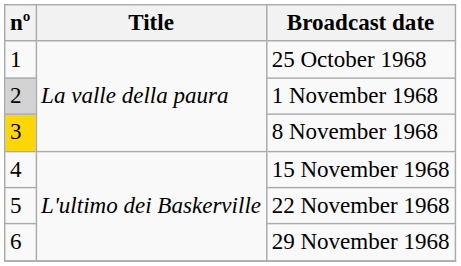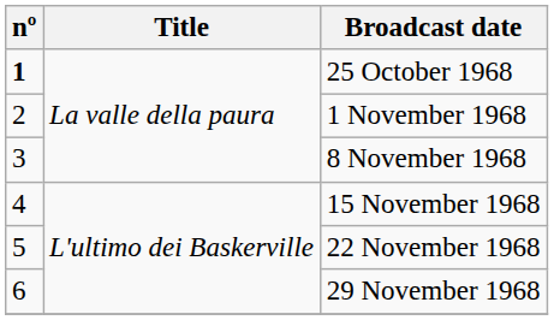 <table class="wikitable">
 <tr>
 <th>nº</th>
 <th>Title</th>
 <th>Broadcast date</th>
 </tr>
 <tr>
-<td>1</td>
+<td><strong>1</strong></td>
 <td rowspan=3><em>La valle della paura</em></td>
 <td>25 October 1968</td>
 </tr>
 <tr>
-<td style="background: lightgrey;">2</td>
+<td>2</td>
 <td>1 November 1968</td>
 </tr>
 <tr>
-<td style="background: gold;">3</td>
+<td>3</td>
 <td>8 November 1968</td>
 </tr>
 <tr>
 <td>4</td>
 <td rowspan=3><em>L'ultimo dei Baskerville</em></td>
 <td>15 November 1968</td>
 </tr>
 <tr>
 <td>5</td>
 <td>22 November 1968</td>
 </tr>
 <tr>
 <td>6</td>
 <td>29 November 1968</td>
 </tr>
 <tr>
 </tr>
 </table>
